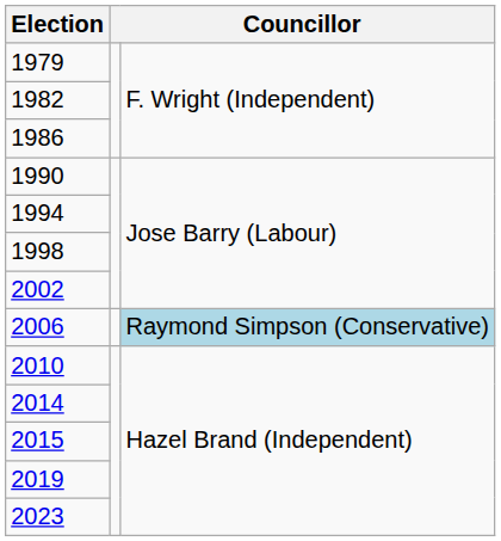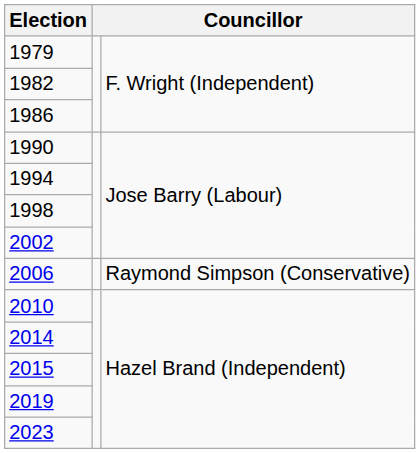 <table class="wikitable">
 <tr>
 <th>Election</th>
 <th colspan="2">Councillor</th>
 </tr>
 <tr>
 <td>1979</td>
 <td rowspan="3" style="background-color: "></td>
 <td rowspan="3">F. Wright (Independent)</td>
 </tr>
 <tr>
 <td>1982</td>
 </tr>
 <tr>
 <td>1986</td>
 </tr>
 <tr>
 <td>1990</td>
 <td rowspan="4" style="background-color: "></td>
 <td rowspan="4">Jose Barry (Labour)</td>
 </tr>
 <tr>
 <td>1994</td>
 </tr>
 <tr>
 <td>1998</td>
 </tr>
 <tr>
 <td><a href='#'>2002</a></td>
 </tr>
 <tr>
 <td><a href='#'>2006</a></td>
 <td style="background-color: "></td>
-<td style="background: lightblue;">Raymond Simpson (Conservative)</td>
+<td>Raymond Simpson (Conservative)</td>
 </tr>
 <tr>
 <td><a href='#'>2010</a></td>
 <td rowspan="5" style="background-color: "></td>
 <td rowspan="5">Hazel Brand (Independent)</td>
 </tr>
 <tr>
 <td><a href='#'>2014</a></td>
 </tr>
 <tr>
 <td><a href='#'>2015</a></td>
 </tr>
 <tr>
 <td><a href='#'>2019</a></td>
 </tr>
 <tr>
 <td><a href='#'>2023</a></td>
 </tr>
 </table>
